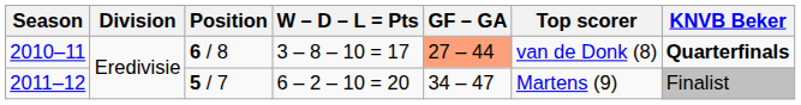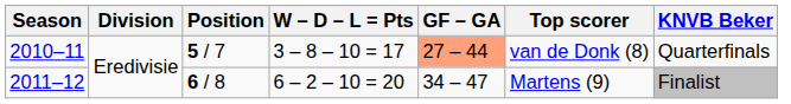 <table class="wikitable">
 <tr style="background:#f0f6fa;">
 <th>Season</th>
 <th>Division</th>
 <th>Position</th>
 <th>W – D – L = Pts</th>
 <th>GF – GA</th>
 <th>Top scorer</th>
 <th><a href='#'>KNVB Beker</a></th>
 </tr>
 <tr>
 <td><a href='#'>2010–11</a></td>
 <td rowspan="2">Eredivisie</td>
-<td><strong>6</strong> / 8</td>
+<td><strong>5</strong> / 7</td>
 <td>3 – 8 – 10 = 17</td>
 <td style="background: lightsalmon;">27 – 44</td>
 <td><a href='#'>van de Donk</a> (8)</td>
-<td><strong>Quarterfinals</strong></td>
+<td>Quarterfinals</td>
 </tr>
 <tr>
 <td><a href='#'>2011–12</a></td>
-<td><strong>5</strong> / 7</td>
+<td><strong>6</strong> / 8</td>
 <td>6 – 2 – 10 = 20</td>
 <td>34 – 47</td>
 <td><a href='#'>Martens</a> (9)</td>
 <td bgcolor=silver>Finalist</td>
 </tr>
 </table>
